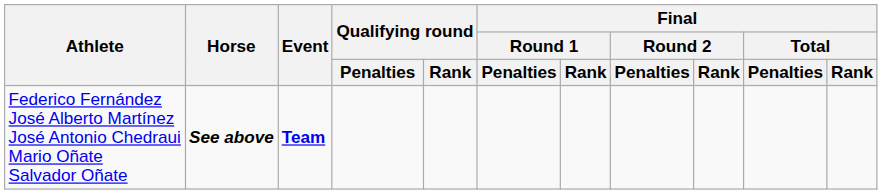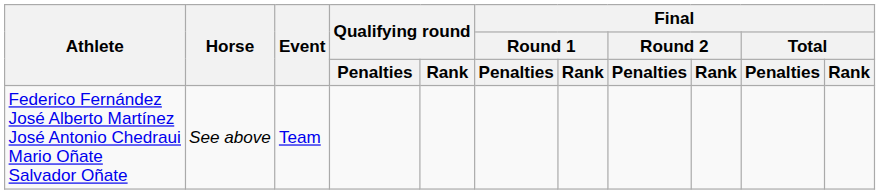 <table class=wikitable style="font-size:90%">
 <tr>
 <th rowspan="3">Athlete</th>
 <th rowspan="3">Horse</th>
 <th rowspan="3">Event</th>
 <th colspan="2" rowspan="2">Qualifying round</th>
 <th colspan="8">Final</th>
 </tr>
 <tr>
 <th colspan="2">Round 1</th>
 <th colspan="2">Round 2</th>
 <th colspan="2">Total</th>
 </tr>
 <tr>
 <th>Penalties</th>
 <th>Rank</th>
 <th>Penalties</th>
 <th>Rank</th>
 <th>Penalties</th>
 <th>Rank</th>
 <th>Penalties</th>
 <th>Rank</th>
 </tr>
 <tr>
 <td><a href='#'>Federico Fernández</a><br><a href='#'>José Alberto Martínez</a><br><a href='#'>José Antonio Chedraui</a><br><a href='#'>Mario Oñate</a><br><a href='#'>Salvador Oñate</a></td>
-<td><strong><em>See above</em></strong></td>
-<td><strong><a href='#'>Team</a></strong></td>
+<td><em>See above</em></td>
+<td><a href='#'>Team</a></td>
 <td align="center"></td>
 <td align="center"></td>
 <td align="center"></td>
 <td align="center"></td>
 <td align="center"></td>
 <td align="center"></td>
 <td align="center"></td>
 <td align="center"></td>
 </tr>
 </table>
